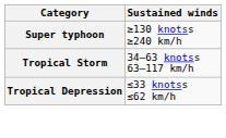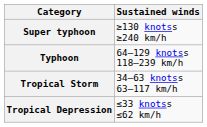 <table class="wikitable floatright">
 <tr>
 <th>Category</th>
 <th>Sustained winds</th>
 </tr>
 <tr style="background-color:#">
 <th>Super typhoon</th>
 <td>≥130 <a href='#'>knots</a>s<br>≥240 km/h</td>
 </tr>
 <tr style="background-color:#">
+<th>Typhoon</th>
+<td>64–129 <a href='#'>knots</a>s<br>118–239 km/h</td>
+</tr>
+<tr style="background-color:#">
 <th>Tropical Storm</th>
 <td>34–63 <a href='#'>knots</a>s<br>63–117 km/h</td>
 </tr>
 <tr style="background-color:#">
 <th>Tropical Depression</th>
 <td>≤33 <a href='#'>knots</a>s<br>≤62 km/h</td>
 </tr>
 </table>
